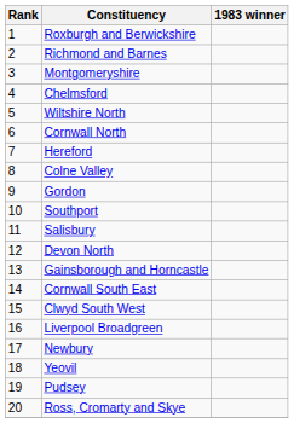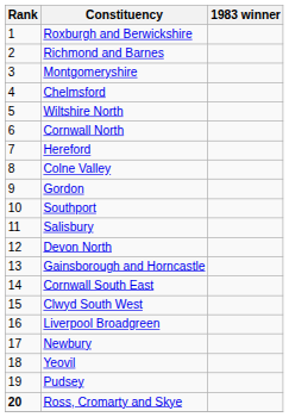 <table class="wikitable">
 <tr>
 <th>Rank</th>
 <th>Constituency</th>
 <th colspan=2>1983 winner</th>
 </tr>
 <tr>
 <td>1</td>
 <td><a href='#'>Roxburgh and Berwickshire</a></td>
 <td></td>
 </tr>
 <tr>
 <td>2</td>
 <td><a href='#'>Richmond and Barnes</a></td>
 <td></td>
 </tr>
 <tr>
 <td>3</td>
 <td><a href='#'>Montgomeryshire</a></td>
 <td></td>
 </tr>
 <tr>
 <td>4</td>
 <td><a href='#'>Chelmsford</a></td>
 <td></td>
 </tr>
 <tr>
 <td>5</td>
 <td><a href='#'>Wiltshire North</a></td>
 <td></td>
 </tr>
 <tr>
 <td>6</td>
 <td><a href='#'>Cornwall North</a></td>
 <td></td>
 </tr>
 <tr>
 <td>7</td>
 <td><a href='#'>Hereford</a></td>
 <td></td>
 </tr>
 <tr>
 <td>8</td>
 <td><a href='#'>Colne Valley</a></td>
 <td></td>
 </tr>
 <tr>
 <td>9</td>
 <td><a href='#'>Gordon</a></td>
 <td></td>
 </tr>
 <tr>
 <td>10</td>
 <td><a href='#'>Southport</a></td>
 <td></td>
 </tr>
 <tr>
 <td>11</td>
 <td><a href='#'>Salisbury</a></td>
 <td></td>
 </tr>
 <tr>
 <td>12</td>
 <td><a href='#'>Devon North</a></td>
 <td></td>
 </tr>
 <tr>
 <td>13</td>
 <td><a href='#'>Gainsborough and Horncastle</a></td>
 <td></td>
 </tr>
 <tr>
 <td>14</td>
 <td><a href='#'>Cornwall South East</a></td>
 <td></td>
 </tr>
 <tr>
 <td>15</td>
 <td><a href='#'>Clwyd South West</a></td>
 <td></td>
 </tr>
 <tr>
 <td>16</td>
 <td><a href='#'>Liverpool Broadgreen</a></td>
 <td></td>
 </tr>
 <tr>
 <td>17</td>
 <td><a href='#'>Newbury</a></td>
 <td></td>
 </tr>
 <tr>
 <td>18</td>
 <td><a href='#'>Yeovil</a></td>
 <td></td>
 </tr>
 <tr>
 <td>19</td>
 <td><a href='#'>Pudsey</a></td>
 <td></td>
 </tr>
 <tr>
-<td>20</td>
+<td><strong>20</strong></td>
 <td><a href='#'>Ross, Cromarty and Skye</a></td>
 <td></td>
 </tr>
 <tr>
 </tr>
 </table>
